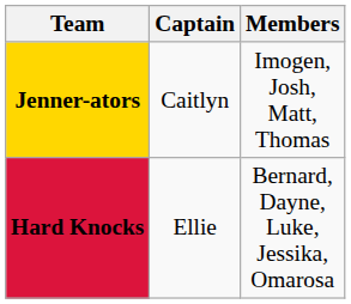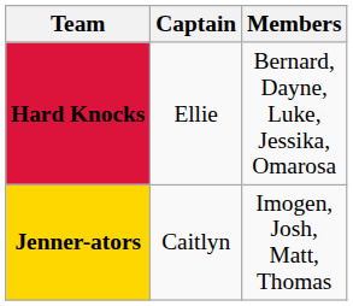 <table class="wikitable" style="text-align:center;">
 <tr>
 <th>Team</th>
 <th>Captain</th>
 <th>Members</th>
 </tr>
 <tr>
+<th style="background:crimson;">Hard Knocks</th>
+<td>Ellie</td>
+<td>Bernard,<br>Dayne,<br>Luke,<br>Jessika,<br>Omarosa</td>
+</tr>
+<tr>
 <th style="background:gold;">Jenner-ators</th>
 <td>Caitlyn</td>
 <td>Imogen,<br>Josh,<br>Matt,<br>Thomas</td>
 </tr>
-<tr>
-<th style="background:crimson;">Hard Knocks</th>
-<td>Ellie</td>
-<td>Bernard,<br>Dayne,<br>Luke,<br>Jessika,<br>Omarosa</td>
-</tr>
 </table>
